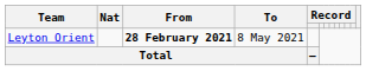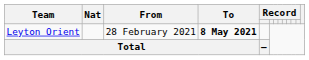 <table class="wikitable" style="text-align: center">
 <tr>
 <th rowspan="2">Team</th>
 <th rowspan="2">Nat</th>
 <th rowspan="2">From</th>
 <th rowspan="2">To</th>
 <th colspan="8">Record</th>
 <th rowspan=2></th>
 </tr>
 <tr>
 <th></th>
 <th></th>
 <th></th>
 <th></th>
 <th></th>
 <th></th>
 <th></th>
 <th></th>
 </tr>
 <tr>
 <td align=left><a href='#'>Leyton Orient</a></td>
 <td></td>
-<td align=left><strong>28 February 2021</strong></td>
-<td align=left>8 May 2021<br></td>
+<td align=left>28 February 2021</td>
+<td align=left><strong>8 May 2021<br></strong></td>
 <td></td>
 </tr>
 <tr>
 <th colspan="4">Total<br></th>
 <th>—</th>
 </tr>
 </table>
